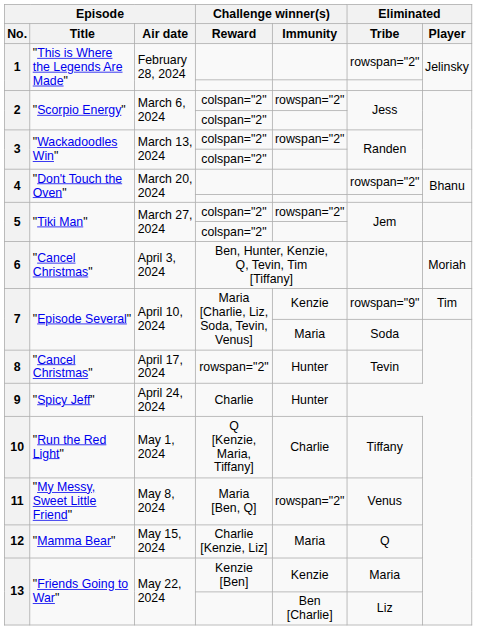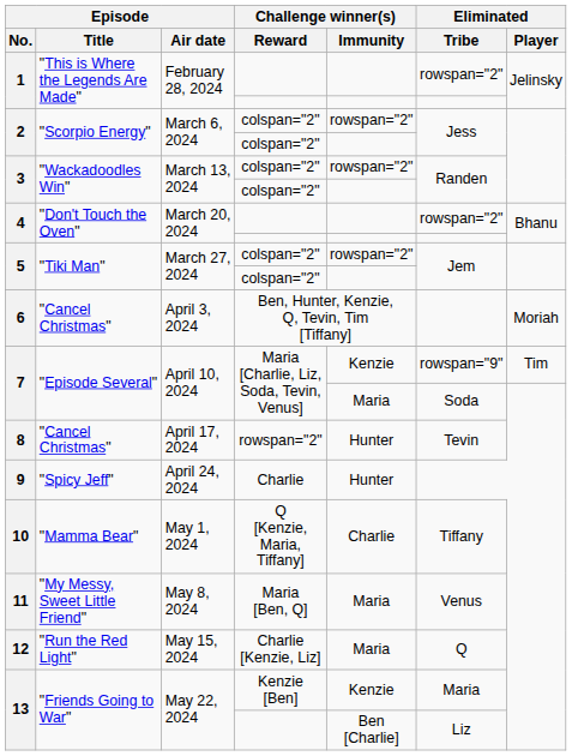 <table class="wikitable unsortable" style="text-align:center;">
 <tr>
 <th colspan="3" scope="col">Episode</th>
 <th colspan="2" scope="col">Challenge winner(s)</th>
 <th colspan="2" scope="col">Eliminated</th>
 </tr>
 <tr>
 <th scope="col">No.</th>
 <th scope="col">Title</th>
 <th scope="col">Air date</th>
 <th scope="col">Reward</th>
 <th scope="col">Immunity</th>
 <th scope="col">Tribe</th>
 <th scope="col">Player</th>
 </tr>
 <tr>
 <th rowspan="2">1</th>
 <td rowspan="2" align="left">"<a href='#'>This is Where the Legends Are Made</a>"</td>
 <td rowspan="2" align="left">February 28, 2024</td>
 <td></td>
 <td></td>
 <td>rowspan="2" </td>
 <td rowspan="2">Jelinsky</td>
 </tr>
 <tr>
 <td></td>
 <td></td>
 </tr>
 <tr>
 <th rowspan="2">2</th>
 <td rowspan="2" align="left">"<a href='#'>Scorpio Energy</a>"</td>
 <td rowspan="2" align="left">March 6, 2024</td>
 <td>colspan="2" </td>
 <td>rowspan="2" </td>
 <td rowspan="2">Jess</td>
 </tr>
 <tr>
 <td>colspan="2" </td>
 </tr>
 <tr>
 <th rowspan="2">3</th>
 <td rowspan="2" align="left">"<a href='#'>Wackadoodles Win</a>"</td>
 <td rowspan="2" align="left">March 13, 2024</td>
 <td>colspan="2" </td>
 <td>rowspan="2" </td>
 <td rowspan="2">Randen</td>
 </tr>
 <tr>
 <td>colspan="2" </td>
 </tr>
 <tr>
 <th rowspan="2">4</th>
 <td rowspan="2" align="left">"<a href='#'>Don't Touch the Oven</a>"</td>
 <td rowspan="2" align="left">March 20, 2024</td>
 <td></td>
 <td></td>
 <td>rowspan="2" </td>
 <td rowspan="2">Bhanu</td>
 </tr>
 <tr>
 <td></td>
 <td></td>
 </tr>
 <tr>
 <th rowspan="2">5</th>
 <td rowspan="2" align="left">"<a href='#'>Tiki Man</a>"</td>
 <td rowspan="2" align="left">March 27, 2024</td>
 <td>colspan="2" </td>
 <td>rowspan="2" </td>
 <td rowspan="2">Jem</td>
 </tr>
 <tr>
 <td>colspan="2" </td>
 </tr>
 <tr>
 <th>6</th>
 <td align="left">"<a href='#'>Cancel Christmas</a>"</td>
 <td align="left">April 3, 2024</td>
 <td colspan="2">Ben, Hunter, Kenzie,<br>Q, Tevin, Tim<br>[Tiffany]</td>
 <td></td>
 <td>Moriah</td>
 </tr>
 <tr>
 <th rowspan="2">7</th>
 <td rowspan="2" align="left">"<a href='#'>Episode Several</a>"</td>
 <td rowspan="2" align="left">April 10, 2024</td>
 <td rowspan="2">Maria<br>[Charlie, Liz,<br>Soda, Tevin,<br>Venus]</td>
 <td>Kenzie</td>
 <td>rowspan="9" </td>
 <td>Tim</td>
 </tr>
 <tr>
 <td>Maria</td>
 <td>Soda</td>
 </tr>
 <tr>
 <th>8</th>
 <td align="left">"<a href='#'>Cancel Christmas</a>"</td>
 <td align="left">April 17, 2024</td>
 <td>rowspan="2" </td>
 <td>Hunter</td>
 <td>Tevin</td>
 </tr>
 <tr>
 <th>9</th>
 <td align="left">"<a href='#'>Spicy Jeff</a>"</td>
 <td align="left">April 24, 2024</td>
 <td>Charlie</td>
 <td>Hunter</td>
 </tr>
 <tr>
 <th>10</th>
-<td align="left">"<a href='#'>Run the Red Light</a>"</td>
+<td align="left">"<a href='#'>Mamma Bear</a>"</td>
 <td align="left">May 1, 2024</td>
 <td>Q<br>[Kenzie, Maria,<br>Tiffany]</td>
 <td>Charlie</td>
 <td>Tiffany</td>
 </tr>
 <tr>
 <th>11</th>
 <td align="left">"<a href='#'>My Messy, Sweet Little Friend</a>"</td>
 <td align="left">May 8, 2024</td>
 <td>Maria<br>[Ben, Q]</td>
-<td>rowspan="2" </td>
+<td>Maria</td>
 <td>Venus</td>
 </tr>
 <tr>
 <th>12</th>
-<td align="left">"<a href='#'>Mamma Bear</a>"</td>
+<td align="left">"<a href='#'>Run the Red Light</a>"</td>
 <td align="left">May 15, 2024</td>
 <td>Charlie<br>[Kenzie, Liz]</td>
 <td>Maria</td>
 <td>Q</td>
 </tr>
 <tr>
 <th rowspan="2">13</th>
 <td rowspan="2" style="text-align:left">"<a href='#'>Friends Going to War</a>"</td>
 <td rowspan="2" style="text-align:left">May 22, 2024</td>
 <td>Kenzie<br>[Ben]</td>
 <td>Kenzie</td>
 <td>Maria</td>
 </tr>
 <tr>
 <td></td>
 <td>Ben<br>[Charlie]</td>
 <td>Liz</td>
 </tr>
 </table>
